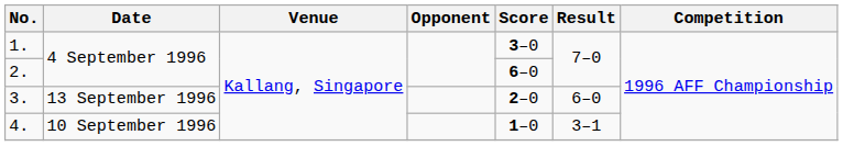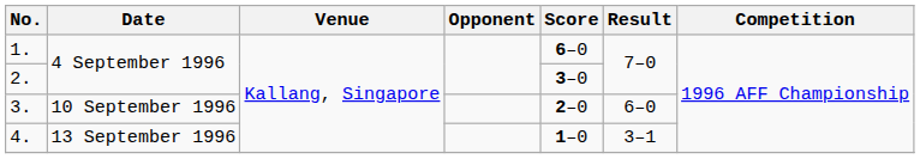 <table class="wikitable">
 <tr>
 <th>No.</th>
 <th>Date</th>
 <th>Venue</th>
 <th>Opponent</th>
 <th>Score</th>
 <th>Result</th>
 <th>Competition</th>
 </tr>
 <tr>
 <td>1.</td>
 <td rowspan=2>4 September 1996</td>
 <td rowspan=4><a href='#'>Kallang</a>, <a href='#'>Singapore</a></td>
 <td rowspan=2></td>
-<td align=center><strong>3</strong>–0</td>
+<td align=center><strong>6</strong>–0</td>
 <td rowspan=2 align=center>7–0</td>
 <td rowspan=4><a href='#'>1996 AFF Championship</a></td>
 </tr>
 <tr>
 <td>2.</td>
-<td align=center><strong>6</strong>–0</td>
+<td align=center><strong>3</strong>–0</td>
 </tr>
 <tr>
 <td>3.</td>
-<td>13 September 1996</td>
+<td>10 September 1996</td>
 <td></td>
 <td align=center><strong>2</strong>–0</td>
 <td align=center>6–0</td>
 </tr>
 <tr>
 <td>4.</td>
-<td>10 September 1996</td>
+<td>13 September 1996</td>
 <td></td>
 <td align=center><strong>1</strong>–0</td>
 <td align=center>3–1</td>
 </tr>
 <tr>
 </tr>
 </table>
